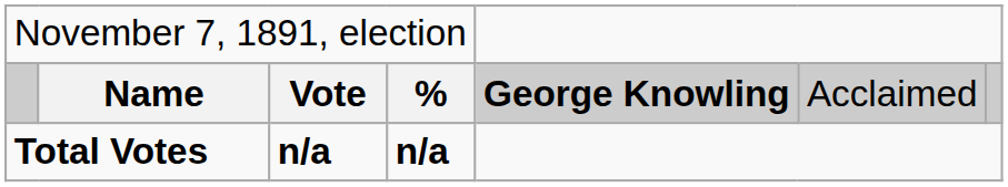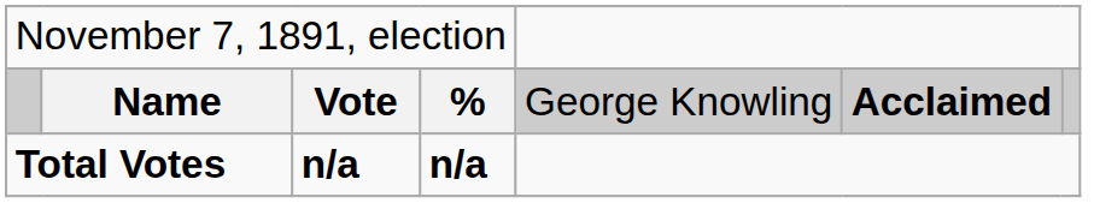 <table class="wikitable">
 <tr>
 <td colspan=4 align=center>November 7, 1891, election</td>
 </tr>
 <tr bgcolor="CCCCCC">
 <td></td>
 <th><strong>Name </strong></th>
 <th><strong>Vote</strong></th>
 <th><strong>%</strong><br></th>
-<td><strong>George Knowling</strong></td>
-<td>Acclaimed</td>
+<td>George Knowling</td>
+<td><strong>Acclaimed</strong></td>
 <td></td>
 </tr>
 <tr>
 <td colspan=2><strong>Total Votes</strong></td>
 <td><strong>n/a</strong></td>
 <td><strong>n/a</strong></td>
 </tr>
 </table>
